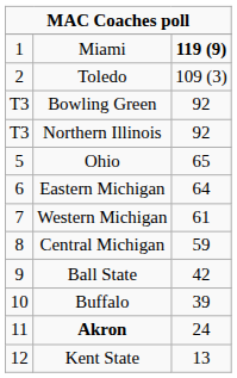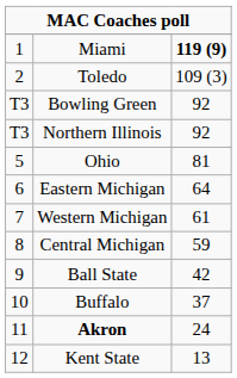 <table class="wikitable" style="display: inline-table;">
 <tr align="center">
 <td align="center" Colspan="3"><strong>MAC Coaches poll</strong></td>
 </tr>
 <tr align="center">
 </tr>
 <tr align="center">
 <td>1</td>
 <td>Miami</td>
 <td><strong>119 (9)</strong></td>
 </tr>
 <tr align="center">
 <td>2</td>
 <td>Toledo</td>
 <td>109 (3)</td>
 </tr>
 <tr align="center">
 <td>T3</td>
 <td>Bowling Green</td>
 <td>92</td>
 </tr>
 <tr align="center">
 <td>T3</td>
 <td>Northern Illinois</td>
 <td>92</td>
 </tr>
 <tr align="center">
 <td>5</td>
 <td>Ohio</td>
-<td>65</td>
+<td>81</td>
 </tr>
 <tr align="center">
 <td>6</td>
 <td>Eastern Michigan</td>
 <td>64</td>
 </tr>
 <tr align="center">
 <td>7</td>
 <td>Western Michigan</td>
 <td>61</td>
 </tr>
 <tr align="center">
 <td>8</td>
 <td>Central Michigan</td>
 <td>59</td>
 </tr>
 <tr align="center">
 <td>9</td>
 <td>Ball State</td>
 <td>42</td>
 </tr>
 <tr align="center">
 <td>10</td>
 <td>Buffalo</td>
-<td>39</td>
+<td>37</td>
 </tr>
 <tr align="center">
 <td>11</td>
 <td><strong>Akron</strong></td>
 <td>24</td>
 </tr>
 <tr align="center">
 <td>12</td>
 <td>Kent State</td>
 <td>13</td>
 </tr>
 </table>
